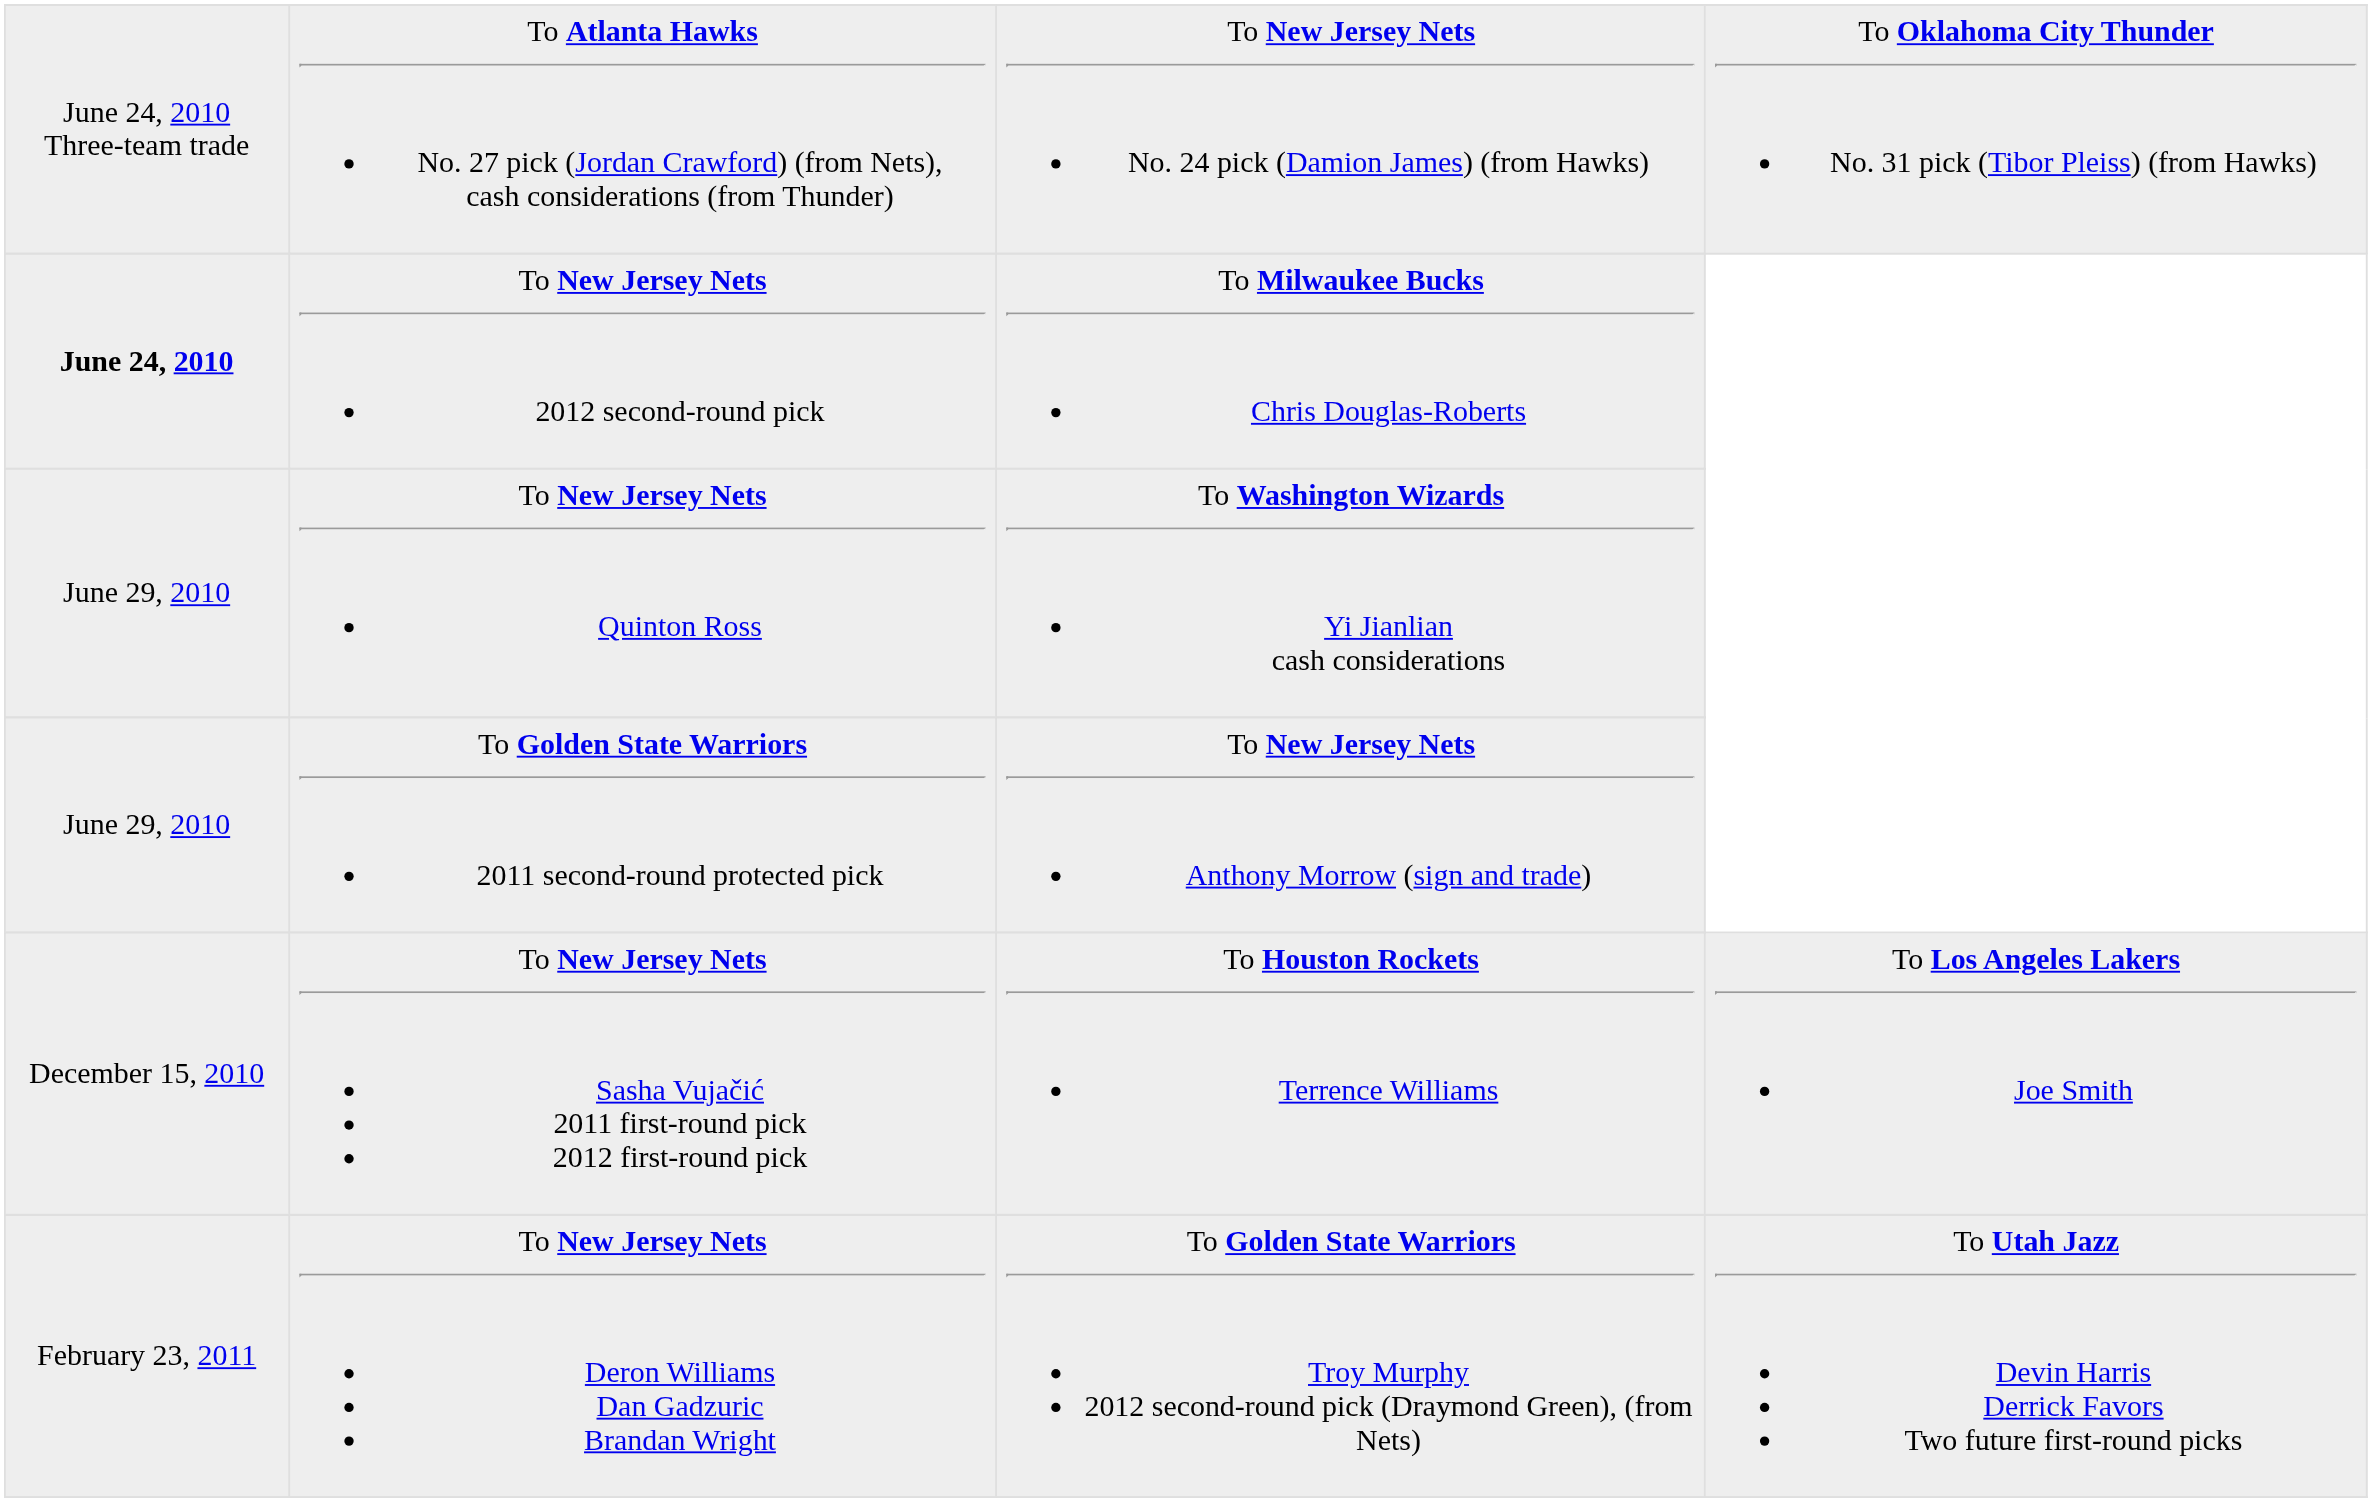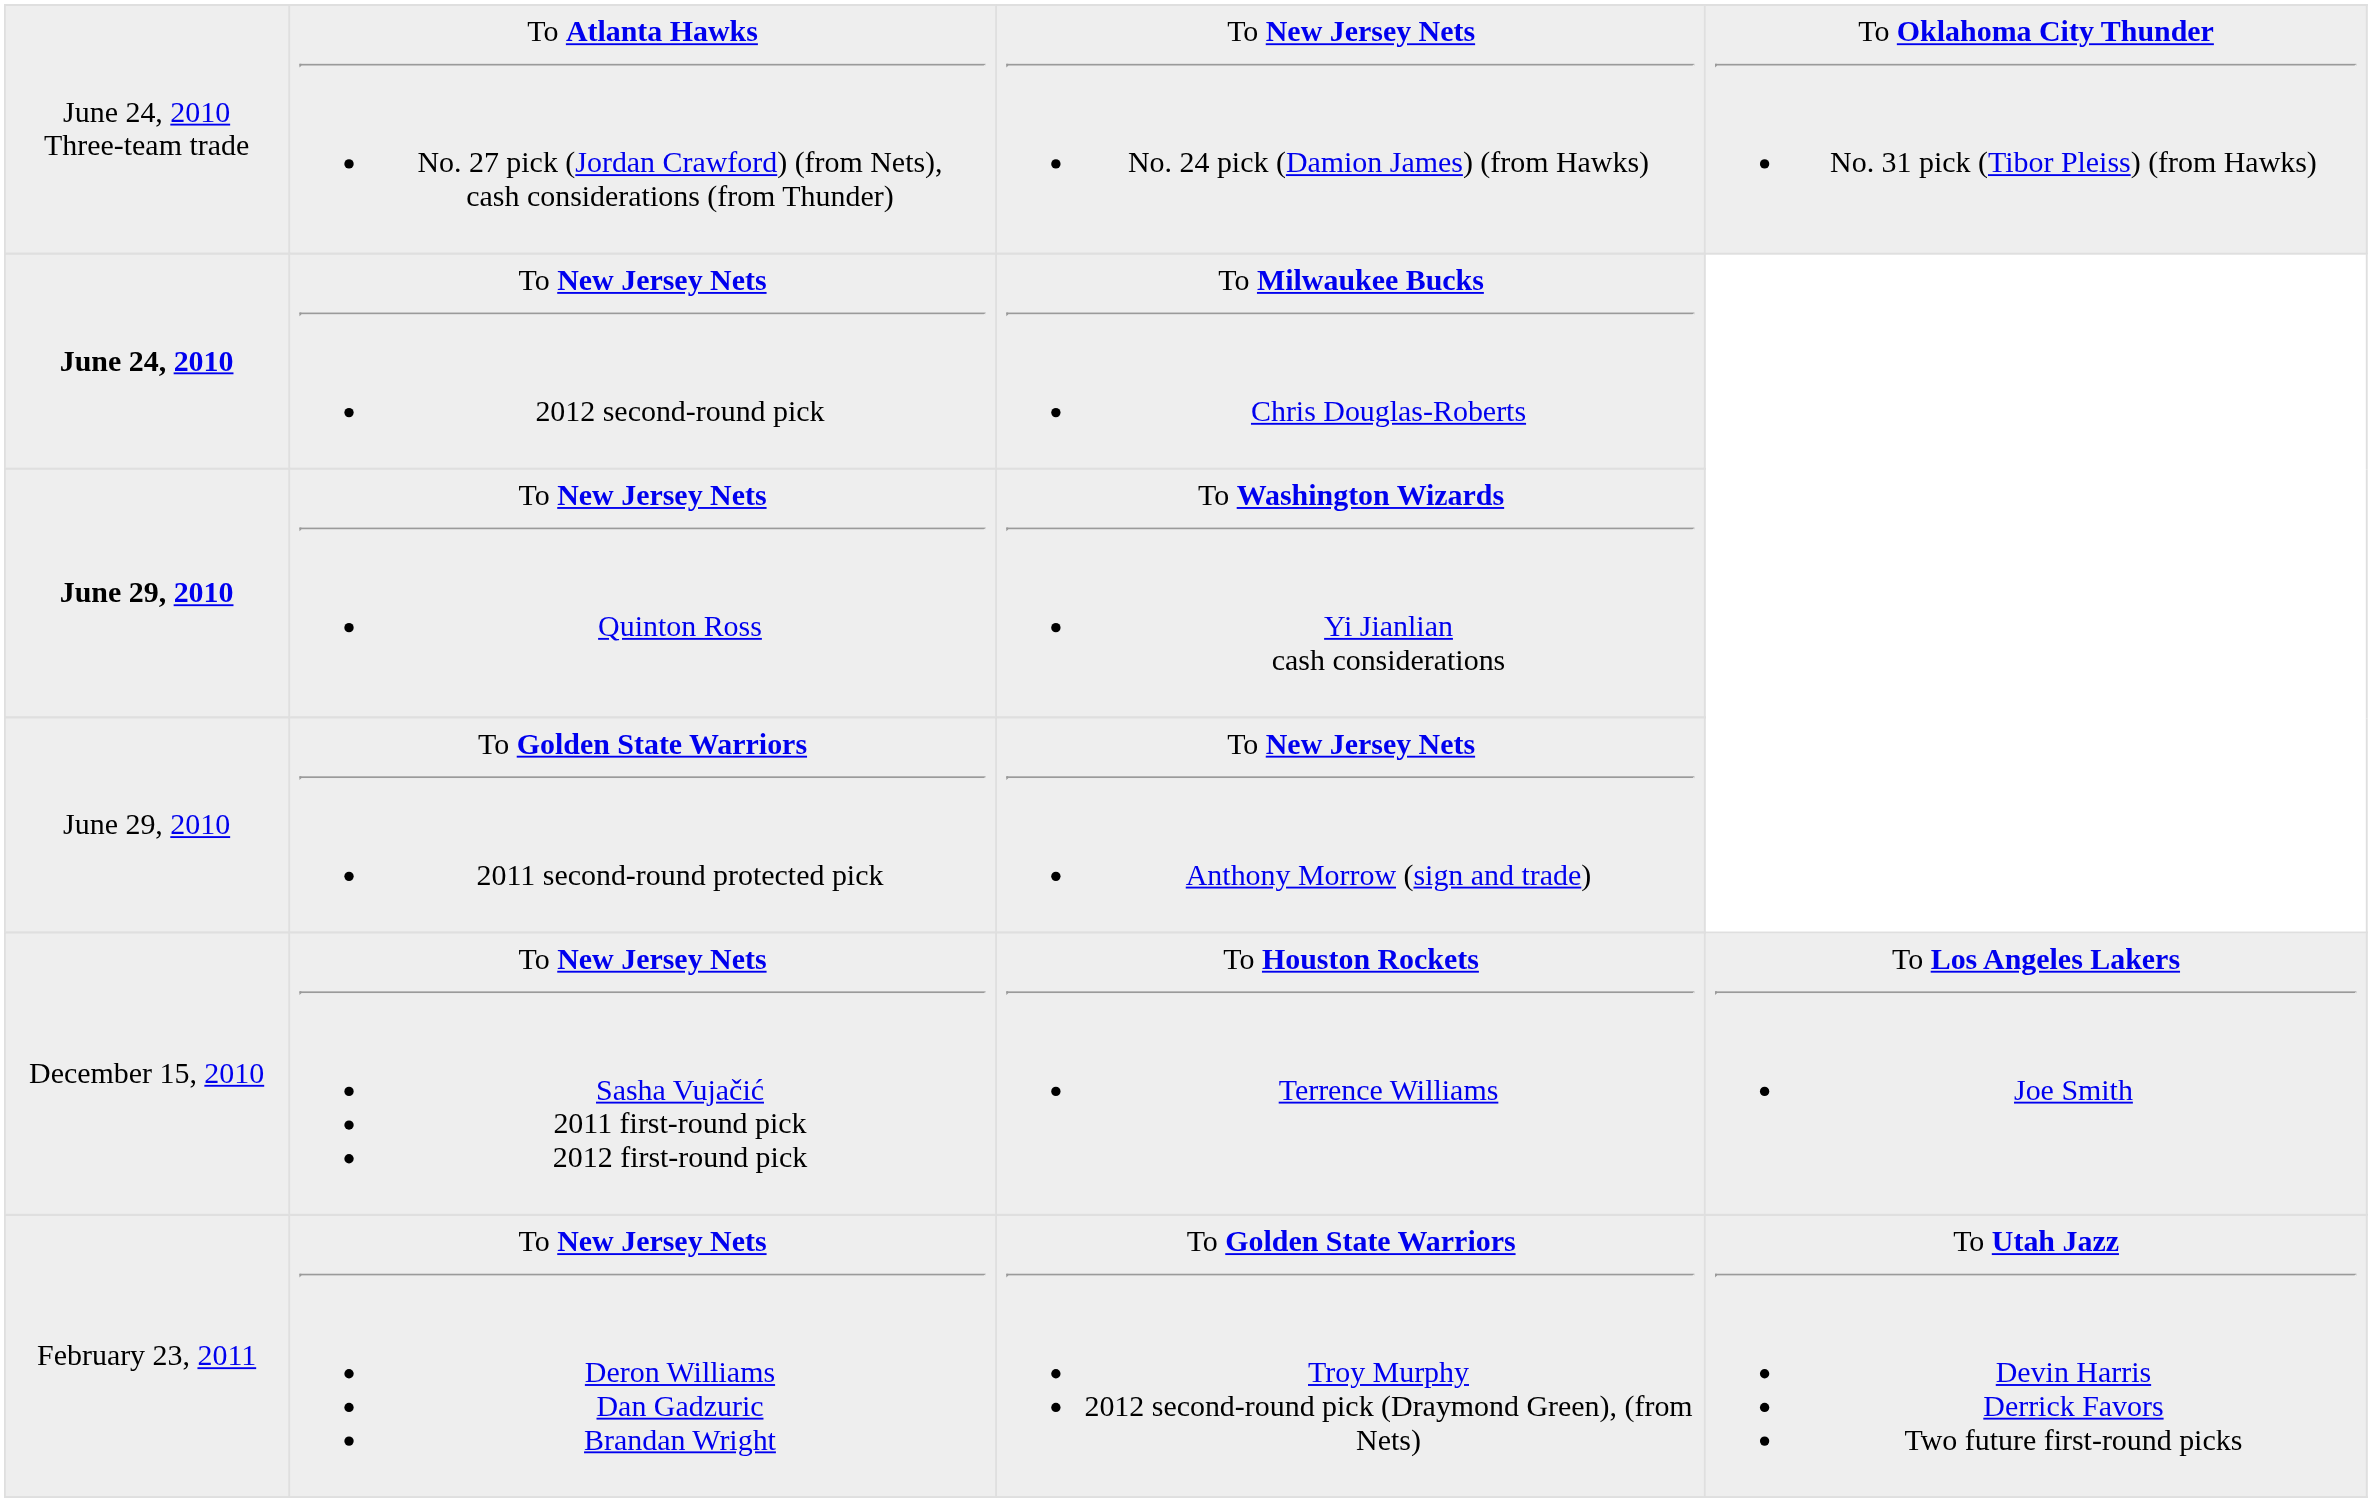 <table border=1 style="border-collapse:collapse; text-align: center; width: 100%" bordercolor="#DFDFDF"  cellpadding="5">
 <tr>
 </tr>
 <tr bgcolor="eeeeee">
 <td style="width:12%">June 24, <a href='#'>2010</a><br>Three-team trade</td>
 <td style="width:30%" valign="top">To <strong><a href='#'>Atlanta Hawks</a></strong><hr><br><ul><li>No. 27 pick (<a href='#'>Jordan Crawford</a>) (from Nets),<br>cash considerations (from Thunder)</li></ul></td>
 <td style="width:30%" valign="top">To <strong><a href='#'>New Jersey Nets</a></strong><hr><br><ul><li>No. 24 pick (<a href='#'>Damion James</a>) (from Hawks)</li></ul></td>
 <td style="width:30%" valign="top">To <strong><a href='#'>Oklahoma City Thunder</a></strong><hr><br><ul><li>No. 31 pick (<a href='#'>Tibor Pleiss</a>) (from Hawks)</li></ul></td>
 </tr>
 <tr>
 </tr>
 <tr bgcolor="eeeeee">
 <td style="width:12%"><strong>June 24, <a href='#'>2010</a></strong></td>
 <td style="width:30%" valign="top">To <strong><a href='#'>New Jersey Nets</a></strong><hr><br><ul><li>2012 second-round pick</li></ul></td>
 <td style="width:30%" valign="top">To <strong><a href='#'>Milwaukee Bucks</a></strong><hr><br><ul><li> <a href='#'>Chris Douglas-Roberts</a></li></ul></td>
 </tr>
 <tr>
 </tr>
 <tr bgcolor="eeeeee">
-<td style="width:12%">June 29, <a href='#'>2010</a></td>
+<td style="width:12%"><strong>June 29, <a href='#'>2010</a></strong></td>
 <td style="width:30%" valign="top">To <strong><a href='#'>New Jersey Nets</a></strong><hr><br><ul><li> <a href='#'>Quinton Ross</a></li></ul></td>
 <td style="width:30%" valign="top">To <strong><a href='#'>Washington Wizards</a></strong><hr><br><ul><li> <a href='#'>Yi Jianlian</a><br>cash considerations</li></ul></td>
 </tr>
 <tr>
 </tr>
 <tr bgcolor="eeeeee">
 <td style="width:12%">June 29, <a href='#'>2010</a></td>
 <td style="width:30%" valign="top">To <strong><a href='#'>Golden State Warriors</a></strong><hr><br><ul><li>2011 second-round protected pick</li></ul></td>
 <td style="width:30%" valign="top">To <strong><a href='#'>New Jersey Nets</a></strong><hr><br><ul><li> <a href='#'>Anthony Morrow</a> (<a href='#'>sign and trade</a>)</li></ul></td>
 </tr>
 <tr>
 </tr>
 <tr bgcolor="eeeeee">
 <td style="width:12%">December 15, <a href='#'>2010</a></td>
 <td style="width:30%" valign="top">To <strong><a href='#'>New Jersey Nets</a></strong><hr><br><ul><li> <a href='#'>Sasha Vujačić</a></li><li>2011 first-round pick</li><li>2012 first-round pick</li></ul></td>
 <td style="width:30%" valign="top">To <strong><a href='#'>Houston Rockets</a></strong><hr><br><ul><li> <a href='#'>Terrence Williams</a></li></ul></td>
 <td style="width:30%" valign="top">To <strong><a href='#'>Los Angeles Lakers</a></strong><hr><br><ul><li> <a href='#'>Joe Smith</a></li></ul></td>
 </tr>
 <tr>
 </tr>
 <tr bgcolor="eeeeee">
 <td style="width:12%">February 23, <a href='#'>2011</a></td>
 <td style="width:30%" valign="top">To <strong><a href='#'>New Jersey Nets</a></strong><hr><br><ul><li> <a href='#'>Deron Williams</a></li><li> <a href='#'>Dan Gadzuric</a></li><li> <a href='#'>Brandan Wright</a></li></ul></td>
 <td style="width:30%" valign="top">To <strong><a href='#'>Golden State Warriors</a></strong><hr><br><ul><li> <a href='#'>Troy Murphy</a></li><li>2012 second-round pick (Draymond Green),  (from Nets)</li></ul></td>
 <td style="width:30%" valign="top">To <strong><a href='#'>Utah Jazz</a></strong><hr><br><ul><li> <a href='#'>Devin Harris</a></li><li> <a href='#'>Derrick Favors</a></li><li>Two future first-round picks</li></ul></td>
 </tr>
 <tr>
 </tr>
 </table>
